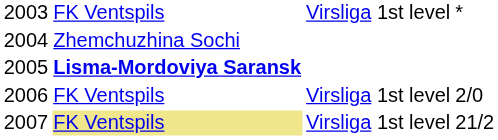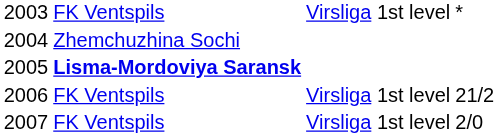 <table>
 <tr>
 <td>2003</td>
 <td><a href='#'>FK Ventspils</a></td>
 <td><a href='#'>Virsliga</a> 1st level</td>
 <td>*</td>
 </tr>
 <tr>
 <td>2004</td>
 <td><a href='#'>Zhemchuzhina Sochi</a></td>
 <td></td>
 <td></td>
 </tr>
 <tr>
 <td>2005</td>
 <td><strong><a href='#'>Lisma-Mordoviya Saransk</a></strong></td>
 <td></td>
 <td></td>
 </tr>
 <tr>
 <td>2006</td>
 <td><a href='#'>FK Ventspils</a></td>
 <td><a href='#'>Virsliga</a> 1st level</td>
-<td>2/0</td>
+<td>21/2</td>
 </tr>
 <tr>
 <td>2007</td>
-<td style="background: khaki;"><a href='#'>FK Ventspils</a></td>
+<td><a href='#'>FK Ventspils</a></td>
 <td><a href='#'>Virsliga</a> 1st level</td>
-<td>21/2</td>
+<td>2/0</td>
 </tr>
 </table>
